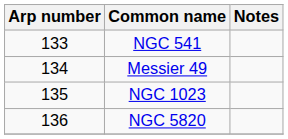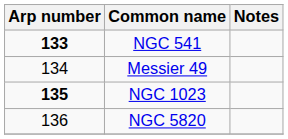 <table class="wikitable" style="text-align:center;">
 <tr>
 <th>Arp number</th>
 <th>Common name</th>
 <th>Notes</th>
 </tr>
 <tr>
-<td>133</td>
+<td><strong>133</strong></td>
 <td><a href='#'>NGC 541</a></td>
 <td></td>
 </tr>
 <tr>
 <td>134</td>
 <td><a href='#'>Messier 49</a></td>
 <td></td>
 </tr>
 <tr>
-<td>135</td>
+<td><strong>135</strong></td>
 <td><a href='#'>NGC 1023</a></td>
 <td></td>
 </tr>
 <tr>
 <td>136</td>
 <td><a href='#'>NGC 5820</a></td>
 <td></td>
 </tr>
 <tr>
 </tr>
 </table>
